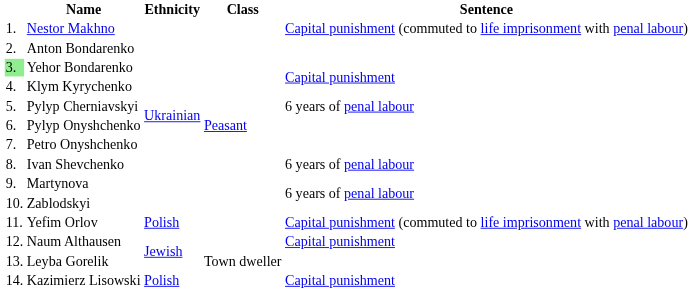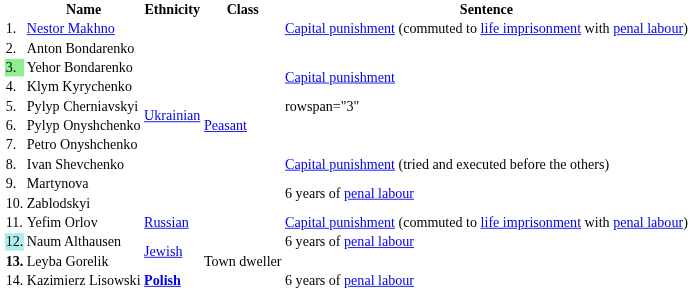 <table>
 <tr>
 <th></th>
 <th>Name</th>
 <th>Ethnicity</th>
 <th>Class</th>
 <th>Sentence</th>
 </tr>
 <tr>
 <td>1.</td>
 <td><a href='#'>Nestor Makhno</a></td>
 <td rowspan="10"><a href='#'>Ukrainian</a></td>
 <td rowspan="11"><a href='#'>Peasant</a></td>
 <td><a href='#'>Capital punishment</a> (commuted to <a href='#'>life imprisonment</a> with <a href='#'>penal labour</a>)</td>
 </tr>
 <tr>
 <td>2.</td>
 <td>Anton Bondarenko</td>
 <td></td>
 </tr>
 <tr>
 <td style="background: lightgreen;">3.</td>
 <td>Yehor Bondarenko</td>
 <td rowspan="2"><a href='#'>Capital punishment</a></td>
 </tr>
 <tr>
 <td>4.</td>
 <td>Klym Kyrychenko</td>
 </tr>
 <tr>
 <td>5.</td>
 <td>Pylyp Cherniavskyi</td>
-<td>6 years of <a href='#'>penal labour</a></td>
+<td>rowspan="3" </td>
 </tr>
 <tr>
 <td>6.</td>
 <td>Pylyp Onyshchenko</td>
 </tr>
 <tr>
 <td>7.</td>
 <td>Petro Onyshchenko</td>
 </tr>
 <tr>
 <td>8.</td>
 <td>Ivan Shevchenko</td>
-<td>6 years of <a href='#'>penal labour</a></td>
+<td><a href='#'>Capital punishment</a> (tried and executed before the others)</td>
 </tr>
 <tr>
 <td>9.</td>
 <td>Martynova</td>
 <td rowspan="2">6 years of <a href='#'>penal labour</a></td>
 </tr>
 <tr>
 <td>10.</td>
 <td>Zablodskyi</td>
 </tr>
 <tr>
 <td>11.</td>
 <td>Yefim Orlov</td>
-<td><a href='#'>Polish</a></td>
+<td><a href='#'>Russian</a></td>
 <td><a href='#'>Capital punishment</a> (commuted to <a href='#'>life imprisonment</a> with <a href='#'>penal labour</a>)</td>
 </tr>
 <tr>
-<td>12.</td>
+<td style="background: paleturquoise;">12.</td>
 <td>Naum Althausen</td>
 <td rowspan="2"><a href='#'>Jewish</a></td>
 <td rowspan="3">Town dweller</td>
-<td><a href='#'>Capital punishment</a></td>
+<td>6 years of <a href='#'>penal labour</a></td>
 </tr>
 <tr>
-<td>13.</td>
+<td><strong>13.</strong></td>
 <td>Leyba Gorelik</td>
 <td></td>
 </tr>
 <tr>
 <td>14.</td>
 <td>Kazimierz Lisowski</td>
-<td><a href='#'>Polish</a></td>
-<td><a href='#'>Capital punishment</a></td>
+<td><strong><a href='#'>Polish</a></strong></td>
+<td>6 years of <a href='#'>penal labour</a></td>
 </tr>
 </table>
